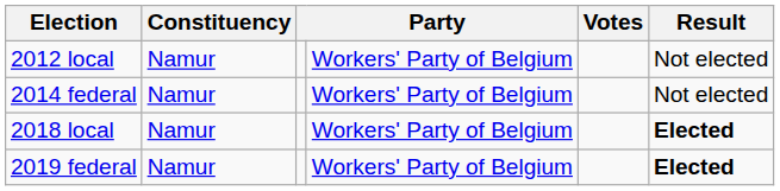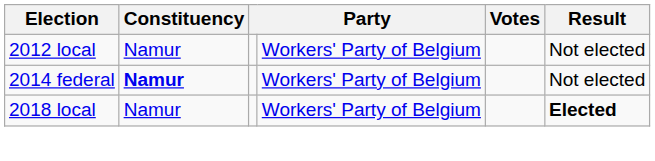 <table class="wikitable" style="text-align:left;">
 <tr>
 <th scope=col>Election</th>
 <th scope=col>Constituency</th>
 <th scope=col colspan="2">Party</th>
 <th scope=col>Votes</th>
 <th scope=col>Result</th>
 </tr>
 <tr>
 <td><a href='#'>2012 local</a></td>
 <td><a href='#'>Namur</a></td>
 <td style="background:"></td>
 <td><a href='#'>Workers' Party of Belgium</a></td>
 <td align=right></td>
 <td>Not elected</td>
 </tr>
 <tr>
 <td><a href='#'>2014 federal</a></td>
-<td><a href='#'>Namur</a></td>
+<td><strong><a href='#'>Namur</a></strong></td>
 <td style="background:"></td>
 <td><a href='#'>Workers' Party of Belgium</a></td>
 <td align=right></td>
 <td>Not elected</td>
 </tr>
 <tr>
 <td><a href='#'>2018 local</a></td>
 <td><a href='#'>Namur</a></td>
 <td style="background:"></td>
 <td><a href='#'>Workers' Party of Belgium</a></td>
 <td align=right></td>
 <td><strong>Elected</strong></td>
 </tr>
-<tr>
-<td><a href='#'>2019 federal</a></td>
-<td><a href='#'>Namur</a></td>
-<td style="background:"></td>
-<td><a href='#'>Workers' Party of Belgium</a></td>
-<td align=right></td>
-<td><strong>Elected</strong></td>
-</tr>
 </table>
